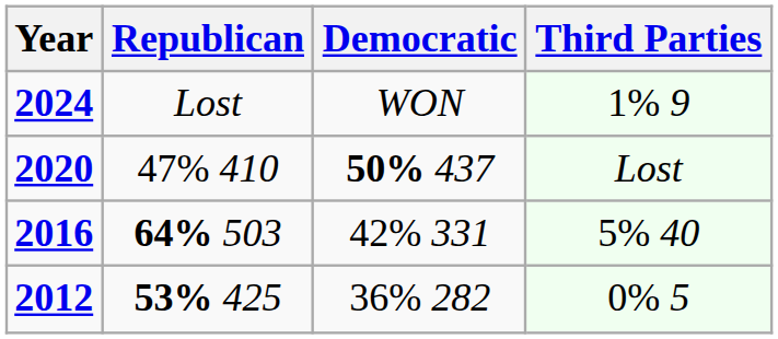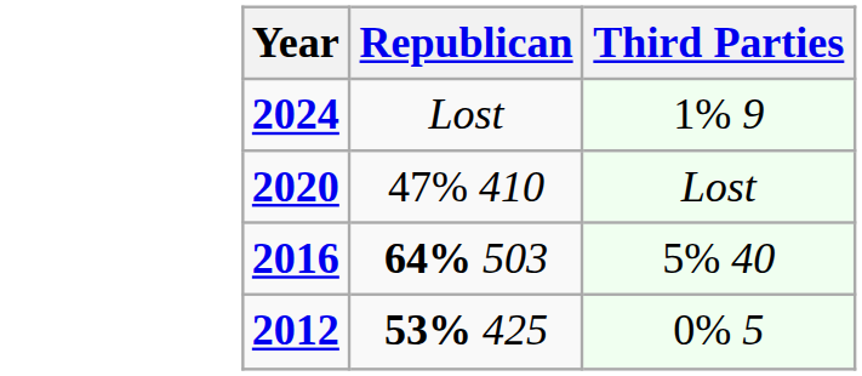 <table class="wikitable" style="float:right; font-size:95%;">
 <tr bgcolor=lightgrey>
 <th>Year</th>
 <th><a href='#'>Republican</a></th>
-<th><a href='#'>Democratic</a></th>
 <th><a href='#'>Third Parties</a></th>
 </tr>
 <tr>
 <td style="text-align:center; "><strong><a href='#'>2024</a></strong></td>
 <td style="text-align:center; "><em>Lost</em></td>
-<td style="text-align:center; "><em>WON</em></td>
 <td style="text-align:center; background:honeyDew;">1% <em>9</em></td>
 </tr>
 <tr>
 <td style="text-align:center; "><strong><a href='#'>2020</a></strong></td>
 <td style="text-align:center; ">47% <em>410</em></td>
-<td style="text-align:center; "><strong>50%</strong> <em>437</em></td>
 <td style="text-align:center; background:honeyDew;"><em>Lost</em></td>
 </tr>
 <tr>
 <td style="text-align:center; "><strong><a href='#'>2016</a></strong></td>
 <td style="text-align:center; "><strong>64%</strong> <em>503</em></td>
-<td style="text-align:center; ">42% <em>331</em></td>
 <td style="text-align:center; background:honeyDew;">5% <em>40</em></td>
 </tr>
 <tr>
 <td style="text-align:center; "><strong><a href='#'>2012</a></strong></td>
 <td style="text-align:center; "><strong>53%</strong> <em>425</em></td>
-<td style="text-align:center; ">36% <em>282</em></td>
 <td style="text-align:center; background:honeyDew;">0% <em>5</em></td>
 </tr>
 </table>
